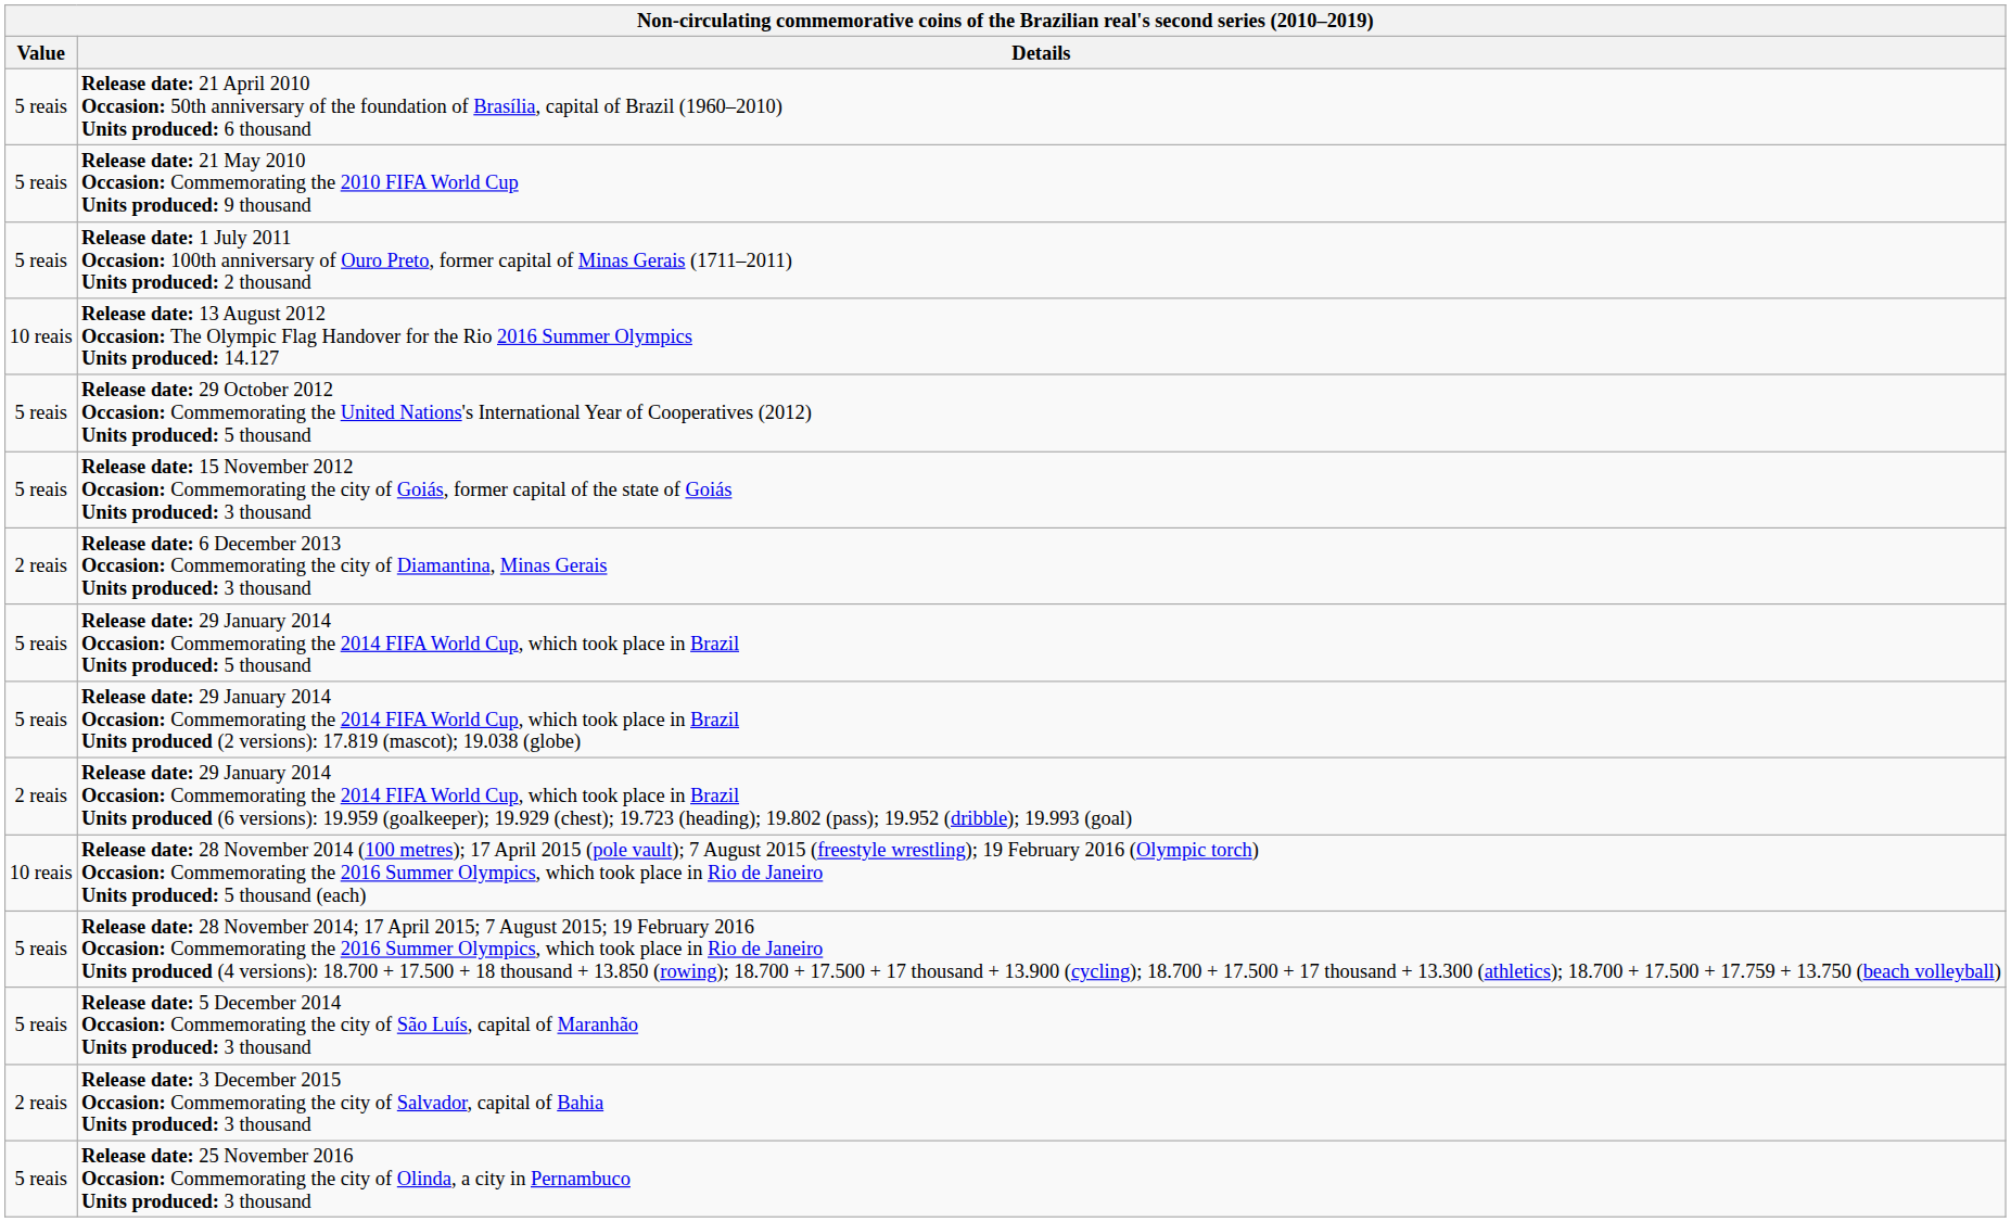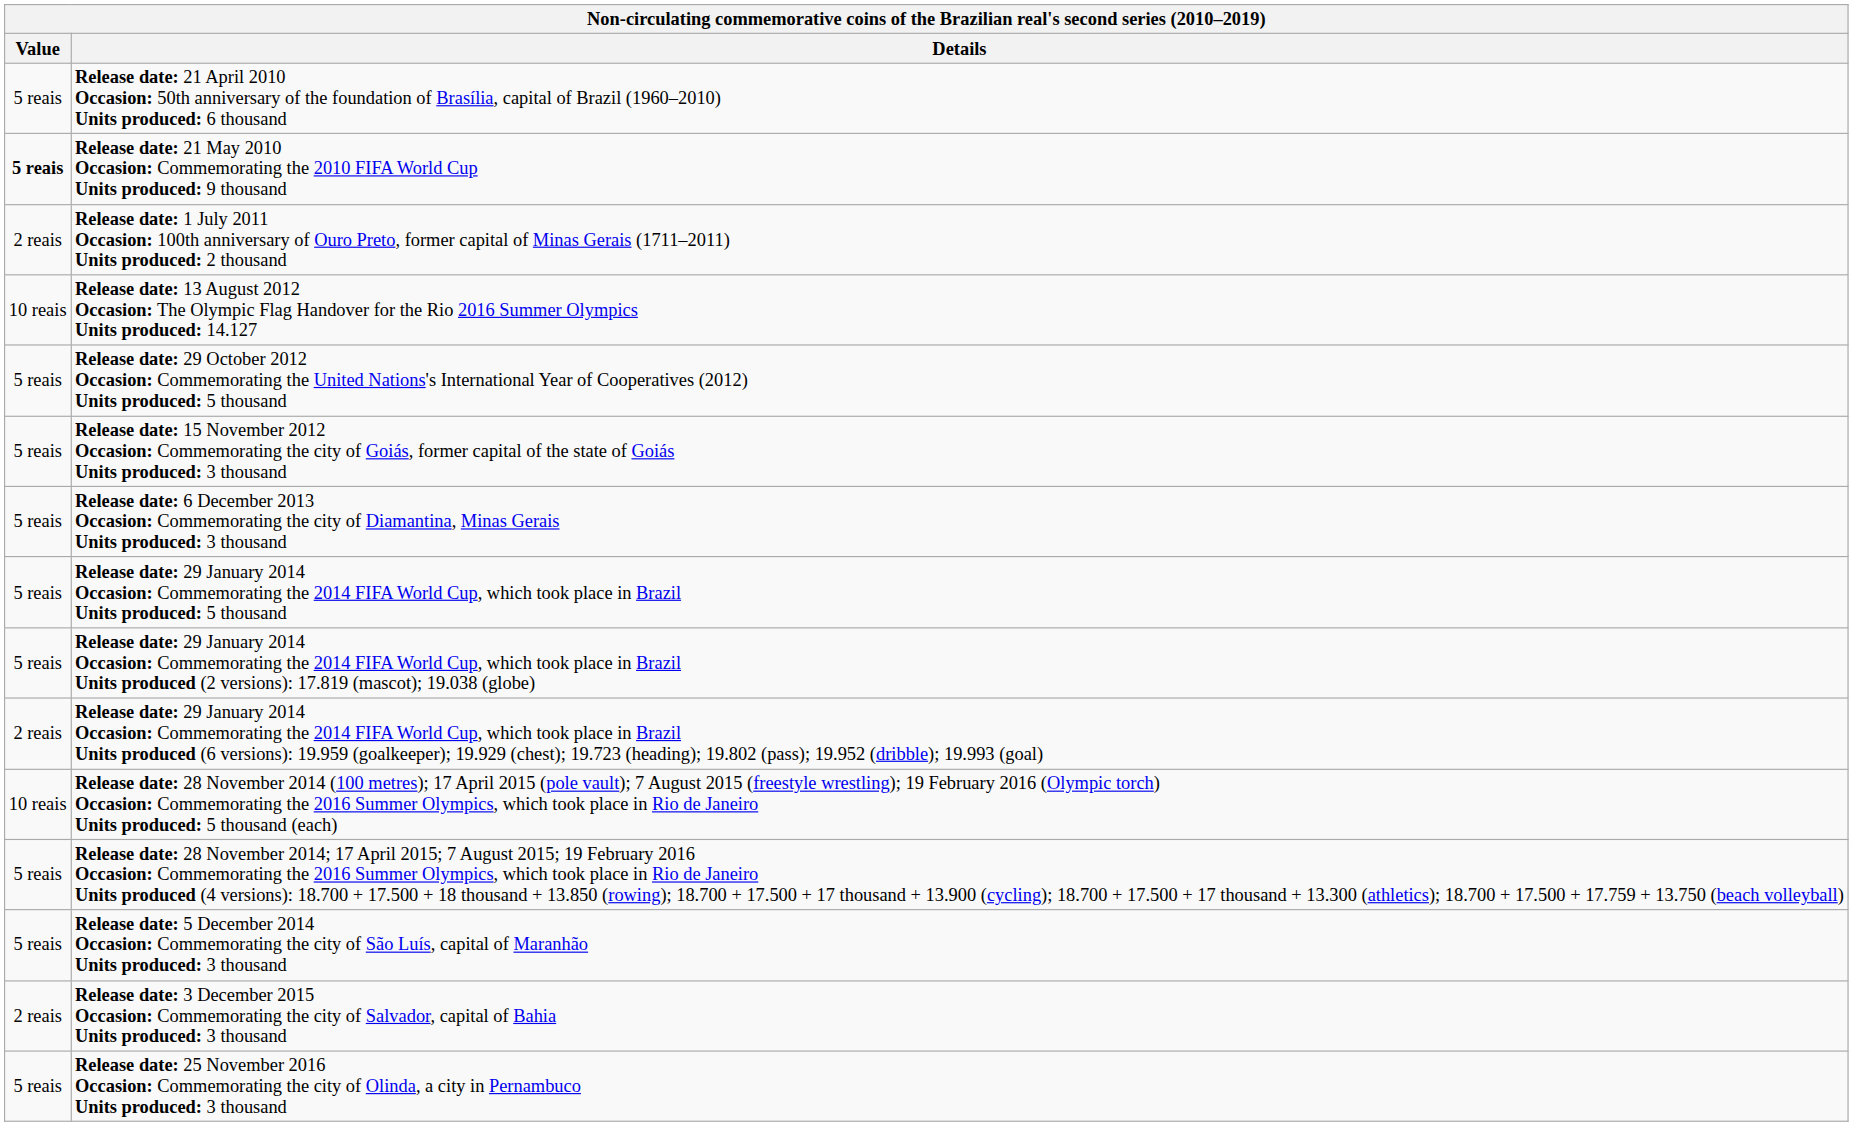 <table border="1" class="wikitable mw-collapsible mw-collapsed">
 <tr>
 <th colspan="3">Non-circulating commemorative coins of the Brazilian real's second series (2010–2019)</th>
 </tr>
 <tr -->
 <th align="Center">Value</th>
 <th align="Center">Details</th>
 </tr>
 <tr -->
 <td align="Center">5 reais</td>
 <td><strong>Release date:</strong> 21 April 2010<br><strong>Occasion:</strong> 50th anniversary of the foundation of <a href='#'>Brasília</a>, capital of Brazil (1960–2010)<br><strong>Units produced:</strong> 6 thousand</td>
 </tr>
 <tr -->
-<td align="Center">5 reais</td>
+<td align="Center"><strong>5 reais</strong></td>
 <td><strong>Release date:</strong> 21 May 2010<br><strong>Occasion:</strong> Commemorating the <a href='#'>2010 FIFA World Cup</a><br><strong>Units produced:</strong> 9 thousand</td>
 </tr>
 <tr -->
-<td align="Center">5 reais</td>
+<td align="Center">2 reais</td>
 <td><strong>Release date:</strong> 1 July 2011<br><strong>Occasion:</strong> 100th anniversary of <a href='#'>Ouro Preto</a>, former capital of <a href='#'>Minas Gerais</a> (1711–2011)<br><strong>Units produced:</strong> 2 thousand</td>
 </tr>
 <tr -->
 <td align="Center">10 reais</td>
 <td><strong>Release date:</strong> 13 August 2012<br><strong>Occasion:</strong> The Olympic Flag Handover for the Rio <a href='#'>2016 Summer Olympics</a><br><strong>Units produced:</strong> 14.127</td>
 </tr>
 <tr -->
 <td align="Center">5 reais</td>
 <td><strong>Release date:</strong> 29 October 2012<br><strong>Occasion:</strong> Commemorating the <a href='#'>United Nations</a>'s International Year of Cooperatives (2012)<br><strong>Units produced:</strong> 5 thousand</td>
 </tr>
 <tr -->
 <td align="Center">5 reais</td>
 <td><strong>Release date:</strong> 15 November 2012<br><strong>Occasion:</strong> Commemorating the city of <a href='#'>Goiás</a>, former capital of the state of <a href='#'>Goiás</a><br><strong>Units produced:</strong> 3 thousand</td>
 </tr>
 <tr -->
-<td align="Center">2 reais</td>
+<td align="Center">5 reais</td>
 <td><strong>Release date:</strong> 6 December 2013<br><strong>Occasion:</strong> Commemorating the city of <a href='#'>Diamantina</a>, <a href='#'>Minas Gerais</a><br><strong>Units produced:</strong> 3 thousand</td>
 </tr>
 <tr -->
 <td align="Center">5 reais</td>
 <td><strong>Release date:</strong> 29 January 2014<br><strong>Occasion:</strong> Commemorating the <a href='#'>2014 FIFA World Cup</a>, which took place in <a href='#'>Brazil</a><br><strong>Units produced:</strong> 5 thousand</td>
 </tr>
 <tr -->
 <td align="Center">5 reais</td>
 <td><strong>Release date:</strong> 29 January 2014<br><strong>Occasion:</strong> Commemorating the <a href='#'>2014 FIFA World Cup</a>, which took place in <a href='#'>Brazil</a><br><strong>Units produced</strong> (2 versions): 17.819 (mascot); 19.038 (globe)</td>
 </tr>
 <tr -->
 <td align="Center">2 reais</td>
 <td><strong>Release date:</strong> 29 January 2014<br><strong>Occasion:</strong> Commemorating the <a href='#'>2014 FIFA World Cup</a>, which took place in <a href='#'>Brazil</a><br><strong>Units produced</strong> (6 versions):  19.959 (goalkeeper); 19.929 (chest); 19.723 (heading); 19.802 (pass); 19.952 (<a href='#'>dribble</a>); 19.993 (goal)</td>
 </tr>
 <tr -->
 <td align="Center">10 reais</td>
 <td><strong>Release date:</strong> 28 November 2014 (<a href='#'>100 metres</a>); 17 April 2015 (<a href='#'>pole vault</a>); 7 August 2015 (<a href='#'>freestyle wrestling</a>); 19 February 2016 (<a href='#'>Olympic torch</a>)<br><strong>Occasion:</strong> Commemorating the <a href='#'>2016 Summer Olympics</a>, which took place in <a href='#'>Rio de Janeiro</a><br><strong>Units produced:</strong> 5 thousand (each)</td>
 </tr>
 <tr -->
 <td align="Center">5 reais</td>
 <td><strong>Release date:</strong> 28 November 2014; 17 April 2015; 7 August 2015; 19 February 2016<br><strong>Occasion:</strong> Commemorating the <a href='#'>2016 Summer Olympics</a>, which took place in <a href='#'>Rio de Janeiro</a><br><strong>Units produced</strong> (4 versions): 18.700 + 17.500 + 18 thousand + 13.850 (<a href='#'>rowing</a>); 18.700 + 17.500 + 17 thousand + 13.900 (<a href='#'>cycling</a>); 18.700 + 17.500 + 17 thousand + 13.300 (<a href='#'>athletics</a>); 18.700 + 17.500 + 17.759 + 13.750 (<a href='#'>beach volleyball</a>)</td>
 </tr>
 <tr -->
 <td align="Center">5 reais</td>
 <td><strong>Release date:</strong> 5 December 2014<br><strong>Occasion:</strong> Commemorating the city of <a href='#'>São Luís</a>, capital of <a href='#'>Maranhão</a><br><strong>Units produced:</strong> 3 thousand</td>
 </tr>
 <tr -->
 <td align="Center">2 reais</td>
 <td><strong>Release date:</strong> 3 December 2015<br><strong>Occasion:</strong> Commemorating the city of <a href='#'>Salvador</a>, capital of <a href='#'>Bahia</a><br><strong>Units produced:</strong> 3 thousand</td>
 </tr>
 <tr -->
 <td align="Center">5 reais</td>
 <td><strong>Release date:</strong> 25 November 2016<br><strong>Occasion:</strong> Commemorating the city of <a href='#'>Olinda</a>, a city in <a href='#'>Pernambuco</a><br><strong>Units produced:</strong> 3 thousand</td>
 </tr>
 </table>
